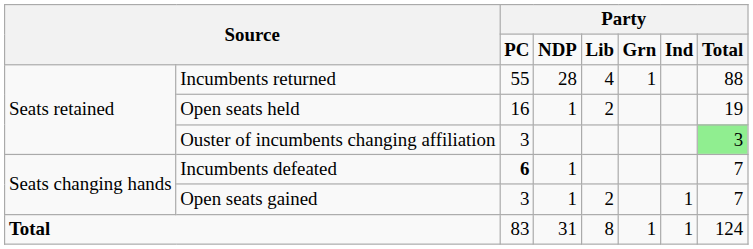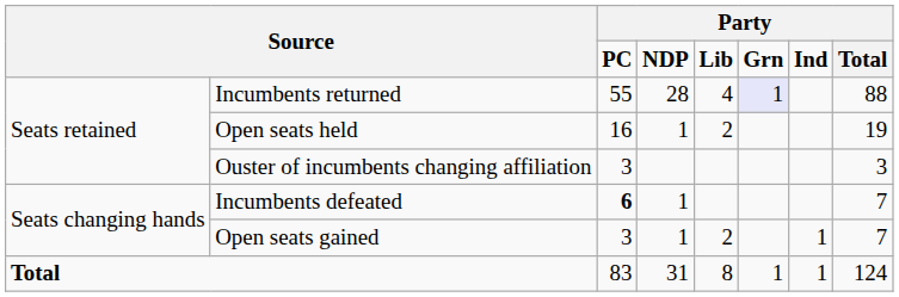 <table class="wikitable" style="text-align:right;">
 <tr>
 <th colspan="2" rowspan="2">Source</th>
 <th colspan="6">Party</th>
 </tr>
 <tr>
 <td><strong>PC</strong></td>
 <td><strong>NDP</strong></td>
 <td><strong>Lib</strong></td>
 <td><strong>Grn</strong></td>
 <td><strong>Ind</strong></td>
 <th>Total</th>
 </tr>
 <tr>
 <td rowspan="3" style="text-align:left;">Seats retained</td>
 <td style="text-align:left;">Incumbents returned</td>
 <td>55</td>
 <td>28</td>
 <td>4</td>
-<td>1</td>
+<td style="background: lavender;">1</td>
 <td></td>
 <td>88</td>
 </tr>
 <tr>
 <td style="text-align:left;">Open seats held</td>
 <td>16</td>
 <td>1</td>
 <td>2</td>
 <td></td>
 <td></td>
 <td>19</td>
 </tr>
 <tr>
 <td style="text-align:left;">Ouster of incumbents changing affiliation</td>
 <td>3</td>
 <td></td>
 <td></td>
 <td></td>
 <td></td>
-<td style="background: lightgreen;">3</td>
+<td>3</td>
 </tr>
 <tr>
 <td rowspan="2" style="text-align:left;">Seats changing hands</td>
 <td style="text-align:left;">Incumbents defeated</td>
 <td><strong>6</strong></td>
 <td>1</td>
 <td></td>
 <td></td>
 <td></td>
 <td>7</td>
 </tr>
 <tr>
 <td style="text-align:left;">Open seats gained</td>
 <td>3</td>
 <td>1</td>
 <td>2</td>
 <td></td>
 <td>1</td>
 <td>7</td>
 </tr>
 <tr>
 <td colspan="2" style="text-align:left;"><strong>Total</strong></td>
 <td>83</td>
 <td>31</td>
 <td>8</td>
 <td>1</td>
 <td>1</td>
 <td>124</td>
 </tr>
 </table>
